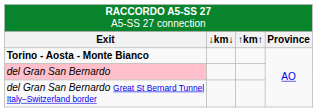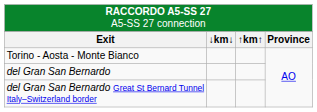 <table class="wikitable">
 <tr align="center" style="color: white;font-size:100%;" bgcolor="#08842c">
 <td colspan="6"><strong> RACCORDO A5-SS 27</strong><br>A5-SS 27 connection</td>
 </tr>
 <tr>
 </tr>
 <tr>
 <th><strong>Exit</strong></th>
 <th align="center"><strong>↓km↓</strong></th>
 <th align="center"><strong>↑km↑</strong></th>
 <th align="center"><strong>Province</strong></th>
 </tr>
 <tr>
-<td><strong>   Torino - Aosta - Monte Bianco</strong></td>
+<td>   Torino - Aosta - Monte Bianco</td>
 <td align="right"></td>
 <td align="right"></td>
 <td rowspan=5 align="center"><a href='#'>AO</a></td>
 </tr>
 <tr>
-<td style="background: pink;">   <em>del Gran San Bernardo</em></td>
+<td>   <em>del Gran San Bernardo</em></td>
 <td align="right"></td>
 <td align="right"></td>
 </tr>
 <tr>
 <td>     <em>del Gran San Bernardo</em> <small> <a href='#'>Great St Bernard Tunnel</a></small><br> <small><a href='#'>Italy–Switzerland border</a></small></td>
 <td align="right"></td>
 <td align="right"></td>
 </tr>
 </table>
